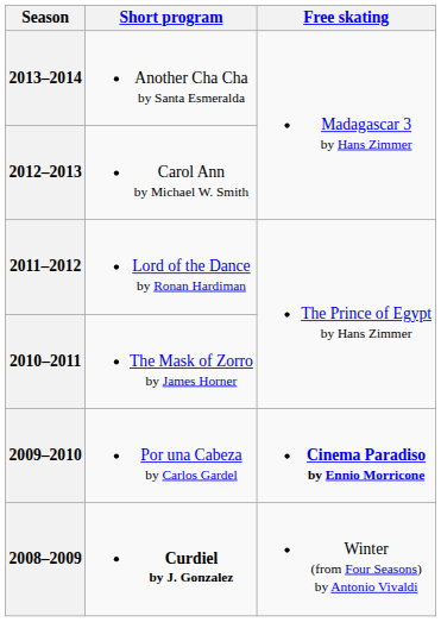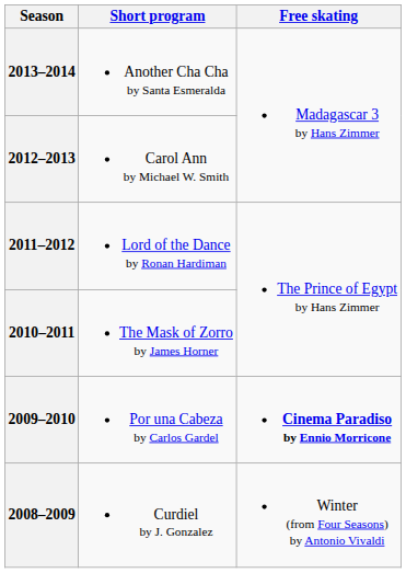 <table class=wikitable style=text-align:center>
 <tr>
 <th>Season</th>
 <th><a href='#'>Short program</a></th>
 <th><a href='#'>Free skating</a></th>
 </tr>
 <tr>
 <th>2013–2014 <br> </th>
 <td><br><ul><li>Another Cha Cha <br><small> by Santa Esmeralda </small></li></ul></td>
 <td rowspan=2><br><ul><li><a href='#'>Madagascar 3</a> <br><small> by <a href='#'>Hans Zimmer</a> </small></li></ul></td>
 </tr>
 <tr>
 <th>2012–2013 <br> </th>
 <td><br><ul><li>Carol Ann <br><small> by Michael W. Smith </small></li></ul></td>
 </tr>
 <tr>
 <th>2011–2012 <br> </th>
 <td><br><ul><li><a href='#'>Lord of the Dance</a> <br><small> by <a href='#'>Ronan Hardiman</a> </small></li></ul></td>
 <td rowspan=2><br><ul><li><a href='#'>The Prince of Egypt</a> <br><small> by Hans Zimmer </small></li></ul></td>
 </tr>
 <tr>
 <th>2010–2011 <br> </th>
 <td><br><ul><li><a href='#'>The Mask of Zorro</a> <br><small> by <a href='#'>James Horner</a> </small></li></ul></td>
 </tr>
 <tr>
 <th>2009–2010 <br> </th>
 <td><br><ul><li><a href='#'>Por una Cabeza</a> <br><small> by <a href='#'>Carlos Gardel</a> </small></li></ul></td>
 <td><strong><br><ul><li><a href='#'>Cinema Paradiso</a> <br><small> by <a href='#'>Ennio Morricone</a> </small></li></ul></strong></td>
 </tr>
 <tr>
 <th>2008–2009 <br> </th>
-<td><strong><br><ul><li>Curdiel <br><small> by J. Gonzalez </small></li></ul></strong></td>
+<td><br><ul><li>Curdiel <br><small> by J. Gonzalez </small></li></ul></td>
 <td><br><ul><li>Winter <br><small> (from <a href='#'>Four Seasons</a>) <br> by <a href='#'>Antonio Vivaldi</a> </small></li></ul></td>
 </tr>
 </table>
